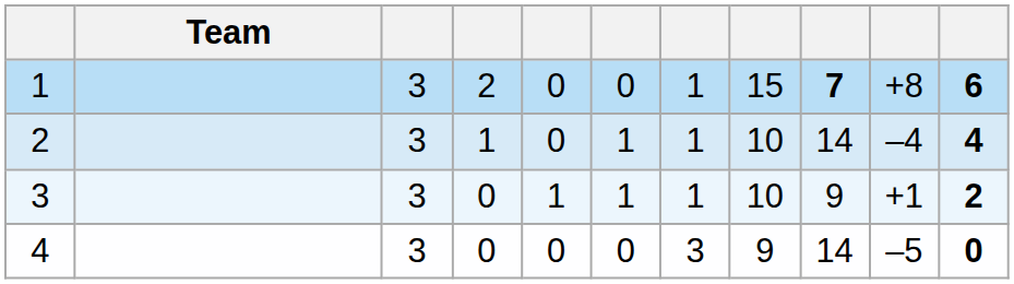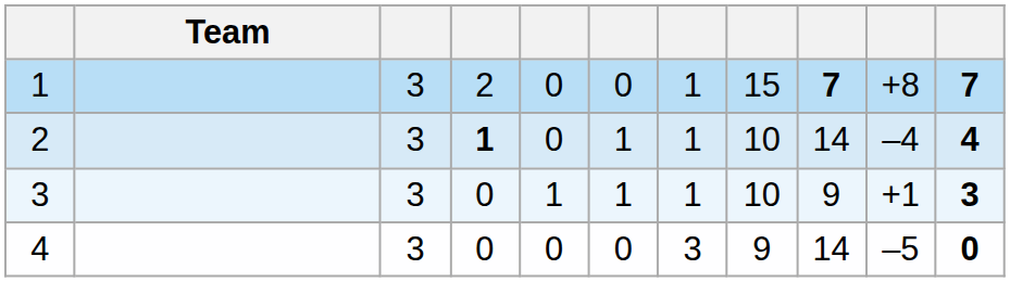 <table class="wikitable" style="text-align: center; font-size: 97%;">
 <tr>
 <th width="25"></th>
 <th width="135">Team</th>
 <th width="25"></th>
 <th width="25"></th>
 <th width="25"></th>
 <th width="25"></th>
 <th width="25"></th>
 <th width="25"></th>
 <th width="25"></th>
 <th width="25"></th>
 <th width="25"></th>
 </tr>
 <tr style="background-color: #b8def6;">
 <td>1</td>
 <td align=left></td>
 <td>3</td>
 <td>2</td>
 <td>0</td>
 <td>0</td>
 <td>1</td>
 <td>15</td>
 <td><strong>7</strong></td>
 <td>+8</td>
-<td><strong>6</strong></td>
+<td><strong>7</strong></td>
 </tr>
 <tr style="background-color: #d7eaf7;">
 <td>2</td>
 <td align=left></td>
 <td>3</td>
-<td>1</td>
+<td><strong>1</strong></td>
 <td>0</td>
 <td>1</td>
 <td>1</td>
 <td>10</td>
 <td>14</td>
 <td>–4</td>
 <td><strong>4</strong></td>
 </tr>
 <tr style="background-color: #ecf6fd;">
 <td>3</td>
 <td align=left></td>
 <td>3</td>
 <td>0</td>
 <td>1</td>
 <td>1</td>
 <td>1</td>
 <td>10</td>
 <td>9</td>
 <td>+1</td>
-<td><strong>2</strong></td>
+<td><strong>3</strong></td>
 </tr>
 <tr style="background-color: #fefeff;">
 <td>4</td>
 <td align=left></td>
 <td>3</td>
 <td>0</td>
 <td>0</td>
 <td>0</td>
 <td>3</td>
 <td>9</td>
 <td>14</td>
 <td>–5</td>
 <td><strong>0</strong></td>
 </tr>
 </table>
